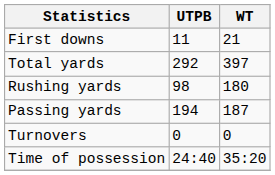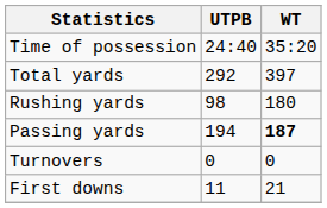 <table class="wikitable">
 <tr>
 <th>Statistics</th>
 <th>UTPB</th>
 <th>WT</th>
 </tr>
 <tr>
-<td>First downs</td>
-<td>11</td>
-<td>21</td>
+<td>Time of possession</td>
+<td>24:40</td>
+<td>35:20</td>
 </tr>
 <tr>
 <td>Total yards</td>
 <td>292</td>
 <td>397</td>
 </tr>
 <tr>
 <td>Rushing yards</td>
 <td>98</td>
 <td>180</td>
 </tr>
 <tr>
 <td>Passing yards</td>
 <td>194</td>
-<td>187</td>
+<td><strong>187</strong></td>
 </tr>
 <tr>
 <td>Turnovers</td>
 <td>0</td>
 <td>0</td>
 </tr>
 <tr>
-<td>Time of possession</td>
-<td>24:40</td>
-<td>35:20</td>
+<td>First downs</td>
+<td>11</td>
+<td>21</td>
 </tr>
 <tr>
 </tr>
 </table>
